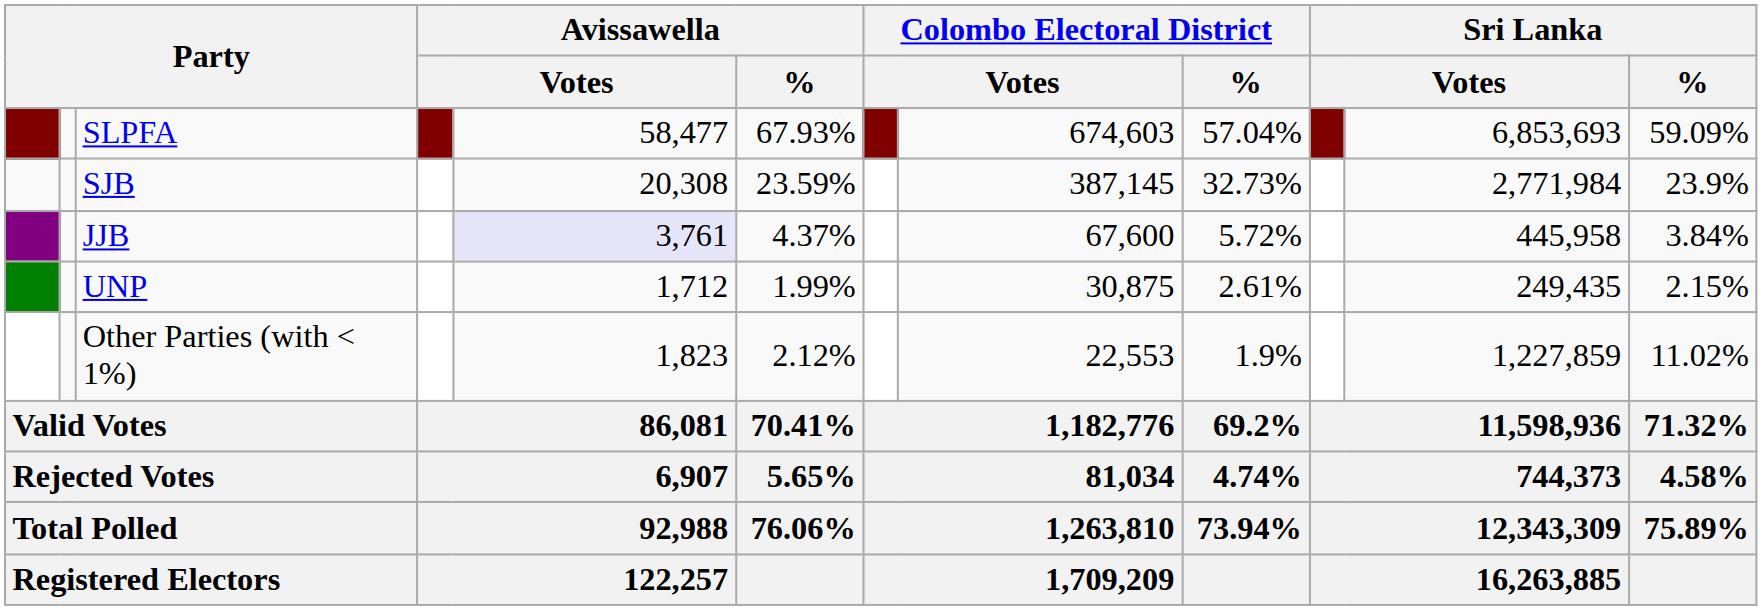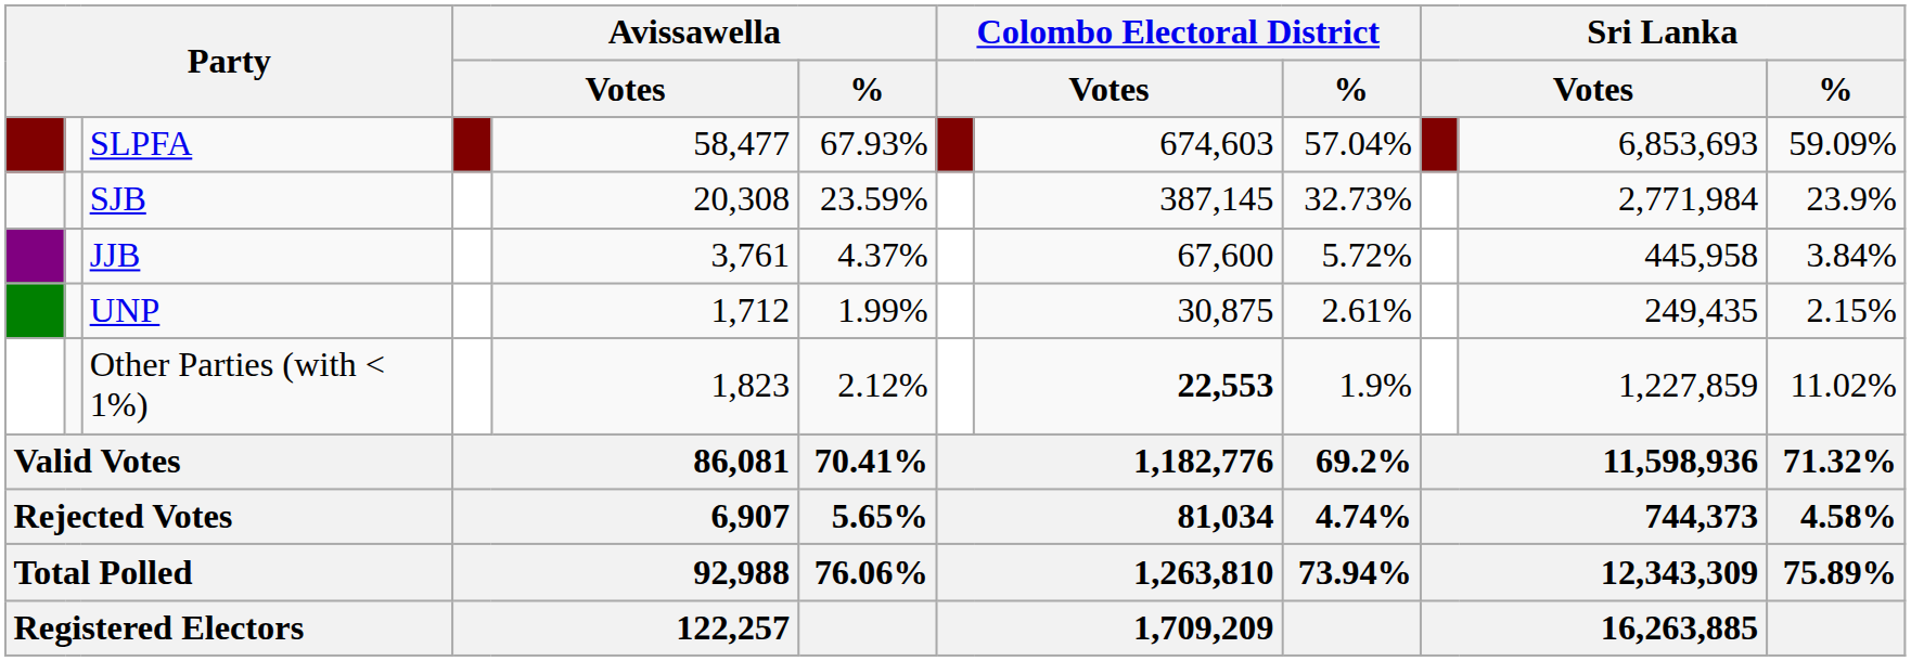 <table class="wikitable">
 <tr>
 <th colspan="3" width="144px"rowspan="2">Party</th>
 <th colspan="3" width="216px">Avissawella</th>
 <th colspan="3" width="216px"><a href='#'>Colombo Electoral District</a></th>
 <th colspan="3" width="216px">Sri Lanka</th>
 </tr>
 <tr>
 <th colspan="2" width="144px">Votes</th>
 <th>%</th>
 <th colspan="2" width="144px">Votes</th>
 <th>%</th>
 <th colspan="2" width="144px">Votes</th>
 <th>%</th>
 </tr>
 <tr>
 <td style="background-color:maroon;" width="20px"></td>
 <td></td>
 <td style="text-align:left;"><a href='#'>SLPFA</a></td>
 <td style="background-color:maroon;" width="10px"></td>
 <td style="text-align:right;">58,477</td>
 <td style="text-align:right;">67.93%</td>
 <td style="background-color:maroon;" width="10px"></td>
 <td style="text-align:right;">674,603</td>
 <td style="text-align:right;">57.04%</td>
 <td style="background-color:maroon;" width="10px"></td>
 <td style="text-align:right;">6,853,693</td>
 <td style="text-align:right;">59.09%</td>
 </tr>
 <tr>
 <td style="background-color:"></td>
 <td></td>
 <td style="text-align:left;"><a href='#'>SJB</a></td>
 <td style="background-color:white;" width="10px"></td>
 <td style="text-align:right;">20,308</td>
 <td style="text-align:right;">23.59%</td>
 <td style="background-color:white;" width="10px"></td>
 <td style="text-align:right;">387,145</td>
 <td style="text-align:right;">32.73%</td>
 <td style="background-color:white;" width="10px"></td>
 <td style="text-align:right;">2,771,984</td>
 <td style="text-align:right;">23.9%</td>
 </tr>
 <tr>
 <td style="background-color:purple;" width="20px"></td>
 <td></td>
 <td style="text-align:left;"><a href='#'>JJB</a></td>
 <td style="background-color:white;" width="10px"></td>
-<td style="background: lavender; text-align:right;">3,761</td>
+<td style="text-align:right;">3,761</td>
 <td style="text-align:right;">4.37%</td>
 <td style="background-color:white;" width="10px"></td>
 <td style="text-align:right;">67,600</td>
 <td style="text-align:right;">5.72%</td>
 <td style="background-color:white;" width="10px"></td>
 <td style="text-align:right;">445,958</td>
 <td style="text-align:right;">3.84%</td>
 </tr>
 <tr>
 <td style="background-color:green;" width="20px"></td>
 <td></td>
 <td style="text-align:left;"><a href='#'>UNP</a></td>
 <td style="background-color:white;" width="10px"></td>
 <td style="text-align:right;">1,712</td>
 <td style="text-align:right;">1.99%</td>
 <td style="background-color:white;" width="10px"></td>
 <td style="text-align:right;">30,875</td>
 <td style="text-align:right;">2.61%</td>
 <td style="background-color:white;" width="10px"></td>
 <td style="text-align:right;">249,435</td>
 <td style="text-align:right;">2.15%</td>
 </tr>
 <tr>
 <td style="background-color:white;" width="20px"></td>
 <td></td>
 <td style="text-align:left;">Other Parties (with < 1%)</td>
 <td style="background-color:white;" width="10px"></td>
 <td style="text-align:right;">1,823</td>
 <td style="text-align:right;">2.12%</td>
 <td style="background-color:white;" width="10px"></td>
-<td style="text-align:right;">22,553</td>
+<td style="text-align:right;"><strong>22,553</strong></td>
 <td style="text-align:right;">1.9%</td>
 <td style="background-color:white;" width="10px"></td>
 <td style="text-align:right;">1,227,859</td>
 <td style="text-align:right;">11.02%</td>
 </tr>
 <tr>
 <th colspan="3" width="144px"style="text-align:left;">Valid Votes</th>
 <th style="text-align:right;"colspan="2" width="144px">86,081</th>
 <th style="text-align:right;">70.41%</th>
 <th style="text-align:right;"colspan="2" width="144px">1,182,776</th>
 <th style="text-align:right;">69.2%</th>
 <th style="text-align:right;"colspan="2" width="144px">11,598,936</th>
 <th style="text-align:right;">71.32%</th>
 </tr>
 <tr>
 <th colspan="3" width="144px"style="text-align:left;">Rejected Votes</th>
 <th style="text-align:right;"colspan="2" width="144px">6,907</th>
 <th style="text-align:right;">5.65%</th>
 <th style="text-align:right;"colspan="2" width="144px">81,034</th>
 <th style="text-align:right;">4.74%</th>
 <th style="text-align:right;"colspan="2" width="144px">744,373</th>
 <th style="text-align:right;">4.58%</th>
 </tr>
 <tr>
 <th colspan="3" width="144px"style="text-align:left;">Total Polled</th>
 <th style="text-align:right;"colspan="2" width="144px">92,988</th>
 <th style="text-align:right;">76.06%</th>
 <th style="text-align:right;"colspan="2" width="144px">1,263,810</th>
 <th style="text-align:right;">73.94%</th>
 <th style="text-align:right;"colspan="2" width="144px">12,343,309</th>
 <th style="text-align:right;">75.89%</th>
 </tr>
 <tr>
 <th colspan="3" width="144px"style="text-align:left;">Registered Electors</th>
 <th style="text-align:right;"colspan="2" width="144px">122,257</th>
 <th></th>
 <th style="text-align:right;"colspan="2" width="144px">1,709,209</th>
 <th></th>
 <th style="text-align:right;"colspan="2" width="144px">16,263,885</th>
 <th></th>
 </tr>
 </table>
